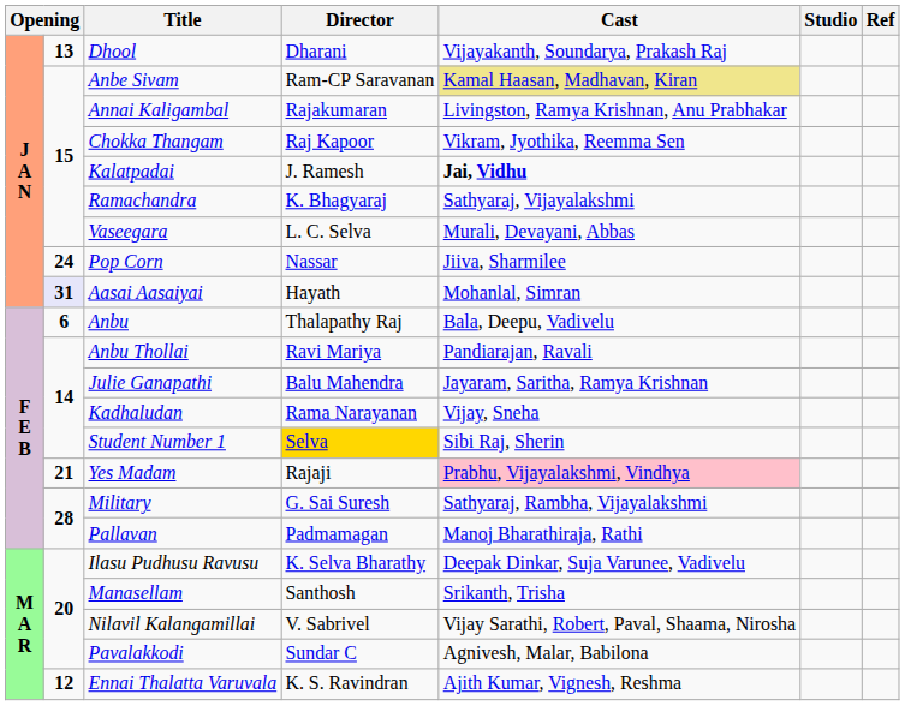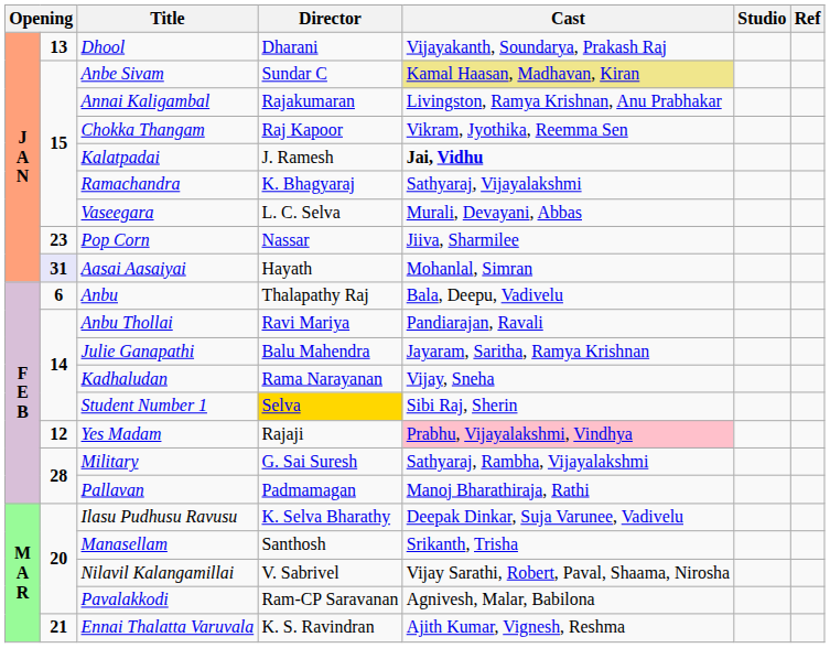 <table class="wikitable">
 <tr>
 <th colspan="2">Opening</th>
 <th>Title</th>
 <th>Director</th>
 <th>Cast</th>
 <th>Studio</th>
 <th>Ref</th>
 </tr>
 <tr January!>
 <td rowspan="9" valign="center" align="center" style="background:#FFA07A; textcolor:#000;"><strong>J<br>A<br>N</strong></td>
 <td rowspan="1" align="center"><strong>13</strong></td>
 <td><em><a href='#'>Dhool</a></em></td>
 <td><a href='#'>Dharani</a></td>
 <td><a href='#'>Vijayakanth</a>, <a href='#'>Soundarya</a>, <a href='#'>Prakash Raj</a></td>
 <td></td>
 <td></td>
 </tr>
 <tr>
 <td rowspan="6" align="center"><strong>15</strong></td>
 <td><em><a href='#'>Anbe Sivam</a></em></td>
-<td>Ram-CP Saravanan</td>
+<td><a href='#'>Sundar C</a></td>
 <td style="background: khaki;"><a href='#'>Kamal Haasan</a>, <a href='#'>Madhavan</a>, <a href='#'>Kiran</a></td>
 <td></td>
 <td></td>
 </tr>
 <tr>
 <td><em><a href='#'>Annai Kaligambal</a></em></td>
 <td><a href='#'>Rajakumaran</a></td>
 <td><a href='#'>Livingston</a>, <a href='#'>Ramya Krishnan</a>, <a href='#'>Anu Prabhakar</a></td>
 <td></td>
 <td></td>
 </tr>
 <tr>
 <td><em><a href='#'>Chokka Thangam</a></em></td>
 <td><a href='#'>Raj Kapoor</a></td>
 <td><a href='#'>Vikram</a>, <a href='#'>Jyothika</a>, <a href='#'>Reemma Sen</a></td>
 <td></td>
 <td></td>
 </tr>
 <tr>
 <td><em><a href='#'>Kalatpadai</a></em></td>
 <td>J. Ramesh</td>
 <td><strong>Jai, <a href='#'>Vidhu</a></strong></td>
 <td></td>
 <td></td>
 </tr>
 <tr>
 <td><em><a href='#'>Ramachandra</a></em></td>
 <td><a href='#'>K. Bhagyaraj</a></td>
 <td><a href='#'>Sathyaraj</a>, <a href='#'>Vijayalakshmi</a></td>
 <td></td>
 <td></td>
 </tr>
 <tr>
 <td><em><a href='#'>Vaseegara</a></em></td>
 <td>L. C. Selva</td>
 <td><a href='#'>Murali</a>, <a href='#'>Devayani</a>, <a href='#'>Abbas</a></td>
 <td></td>
 <td></td>
 </tr>
 <tr>
-<td rowspan="1" align="center"><strong>24</strong></td>
+<td rowspan="1" align="center"><strong>23</strong></td>
 <td><em><a href='#'>Pop Corn</a></em></td>
 <td><a href='#'>Nassar</a></td>
 <td><a href='#'>Jiiva</a>, <a href='#'>Sharmilee</a></td>
 <td></td>
 <td></td>
 </tr>
 <tr>
 <td rowspan="1" align="center" style="background: lavender;"><strong>31</strong></td>
 <td><em><a href='#'>Aasai Aasaiyai</a></em></td>
 <td>Hayath</td>
 <td><a href='#'>Mohanlal</a>, <a href='#'>Simran</a></td>
 <td></td>
 <td></td>
 </tr>
 <tr February!>
 <td rowspan="8" valign="center" align="center" style="background:#D8BFD8; textcolor:#000;"><strong>F<br>E<br>B</strong></td>
 <td rowspan="1" align="center"><strong>6</strong></td>
 <td><em><a href='#'>Anbu</a></em></td>
 <td>Thalapathy Raj</td>
 <td><a href='#'>Bala</a>, Deepu, <a href='#'>Vadivelu</a></td>
 <td></td>
 <td></td>
 </tr>
 <tr>
 <td rowspan="4" align="center"><strong>14</strong></td>
 <td><em><a href='#'>Anbu Thollai</a></em></td>
 <td><a href='#'>Ravi Mariya</a></td>
 <td><a href='#'>Pandiarajan</a>, <a href='#'>Ravali</a></td>
 <td></td>
 <td></td>
 </tr>
 <tr>
 <td><em><a href='#'>Julie Ganapathi</a></em></td>
 <td><a href='#'>Balu Mahendra</a></td>
 <td><a href='#'>Jayaram</a>, <a href='#'>Saritha</a>, <a href='#'>Ramya Krishnan</a></td>
 <td></td>
 <td></td>
 </tr>
 <tr>
 <td><em><a href='#'>Kadhaludan</a></em></td>
 <td><a href='#'>Rama Narayanan</a></td>
 <td><a href='#'>Vijay</a>, <a href='#'>Sneha</a></td>
 <td></td>
 <td></td>
 </tr>
 <tr>
 <td><em><a href='#'>Student Number 1</a></em></td>
 <td style="background: gold;"><a href='#'>Selva</a></td>
 <td><a href='#'>Sibi Raj</a>, <a href='#'>Sherin</a></td>
 <td></td>
 <td></td>
 </tr>
 <tr>
-<td rowspan="1" align="center"><strong>21</strong></td>
+<td rowspan="1" align="center"><strong>12</strong></td>
 <td><em><a href='#'>Yes Madam</a></em></td>
 <td>Rajaji</td>
 <td style="background: pink;"><a href='#'>Prabhu</a>, <a href='#'>Vijayalakshmi</a>, <a href='#'>Vindhya</a></td>
 <td></td>
 <td></td>
 </tr>
 <tr>
 <td rowspan="2" align="center"><strong>28</strong></td>
 <td><em><a href='#'>Military</a></em></td>
 <td><a href='#'>G. Sai Suresh</a></td>
 <td><a href='#'>Sathyaraj</a>, <a href='#'>Rambha</a>, <a href='#'>Vijayalakshmi</a></td>
 <td></td>
 <td></td>
 </tr>
 <tr>
 <td><em><a href='#'>Pallavan</a></em></td>
 <td><a href='#'>Padmamagan</a></td>
 <td><a href='#'>Manoj Bharathiraja</a>, <a href='#'>Rathi</a></td>
 <td></td>
 <td></td>
 </tr>
 <tr March!>
 <td rowspan="5" valign="center" align="center" style="background:#98FB98; textcolor:#000;"><strong>M<br>A<br>R</strong></td>
 <td rowspan="4" align="center"><strong>20</strong></td>
 <td><em>Ilasu Pudhusu Ravusu</em></td>
 <td><a href='#'>K. Selva Bharathy</a></td>
 <td><a href='#'>Deepak Dinkar</a>, <a href='#'>Suja Varunee</a>, <a href='#'>Vadivelu</a></td>
 <td></td>
 <td></td>
 </tr>
 <tr>
 <td><em><a href='#'>Manasellam</a></em></td>
 <td>Santhosh</td>
 <td><a href='#'>Srikanth</a>, <a href='#'>Trisha</a></td>
 <td></td>
 <td></td>
 </tr>
 <tr>
 <td><em>Nilavil Kalangamillai</em></td>
 <td>V. Sabrivel</td>
 <td>Vijay Sarathi, <a href='#'>Robert</a>, Paval, Shaama, Nirosha</td>
 <td></td>
 <td></td>
 </tr>
 <tr>
 <td><em><a href='#'>Pavalakkodi</a></em></td>
-<td><a href='#'>Sundar C</a></td>
+<td>Ram-CP Saravanan</td>
 <td>Agnivesh, Malar, Babilona</td>
 <td></td>
 <td></td>
 </tr>
 <tr>
-<td rowspan="1" align="center"><strong>12</strong></td>
+<td rowspan="1" align="center"><strong>21</strong></td>
 <td><em><a href='#'>Ennai Thalatta Varuvala</a></em></td>
 <td>K. S. Ravindran</td>
 <td><a href='#'>Ajith Kumar</a>, <a href='#'>Vignesh</a>, Reshma</td>
 <td></td>
 <td></td>
 </tr>
 </table>
